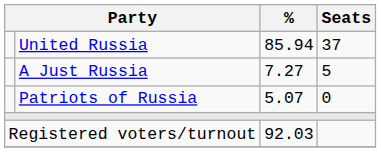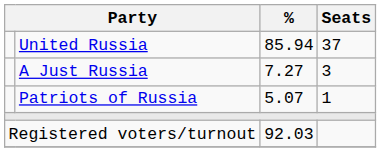 <table class="wikitable">
 <tr>
 <th colspan=2>Party</th>
 <th>%</th>
 <th>Seats</th>
 </tr>
 <tr>
 <td style="background:"></td>
 <td><a href='#'>United Russia</a></td>
 <td>85.94</td>
 <td>37</td>
 </tr>
 <tr>
 <td style="background:"></td>
 <td><a href='#'>A Just Russia</a></td>
 <td>7.27</td>
-<td>5</td>
+<td>3</td>
 </tr>
 <tr>
 <td style="background:"></td>
 <td><a href='#'>Patriots of Russia</a></td>
 <td>5.07</td>
-<td>0</td>
+<td>1</td>
 </tr>
 <tr>
 <td colspan=4 style="background:#E9E9E9;"></td>
 </tr>
 <tr>
 <td align=left colspan=2>Registered voters/turnout</td>
 <td>92.03</td>
 <td></td>
 </tr>
 <tr>
 </tr>
 </table>
